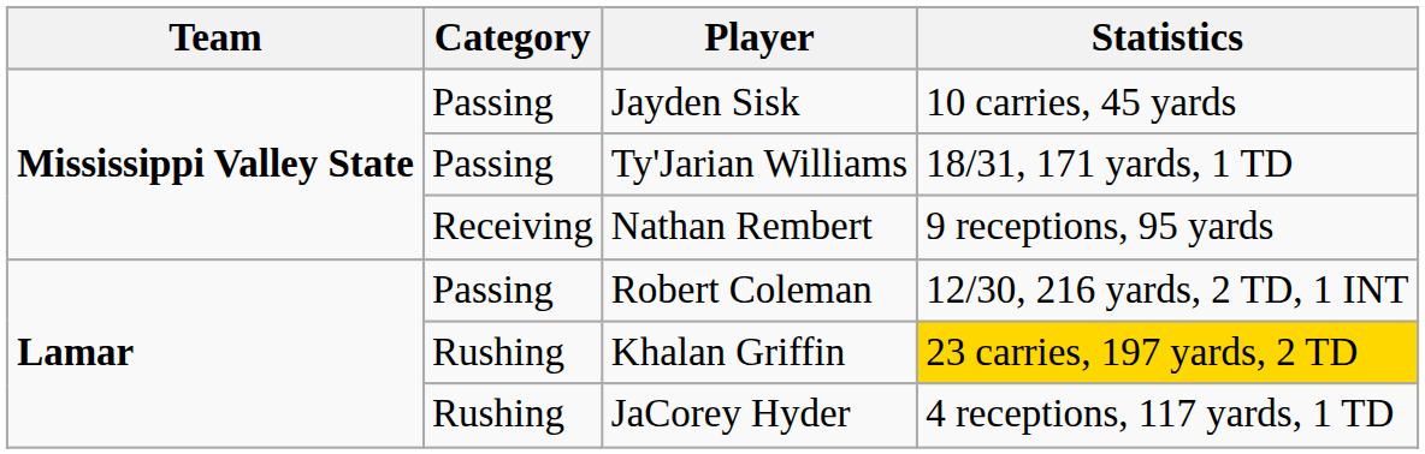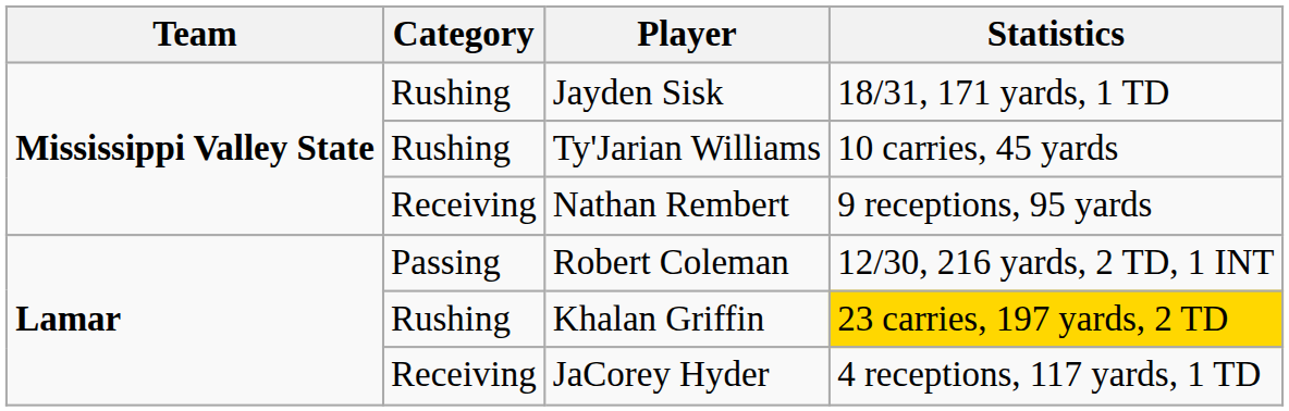 <table class="wikitable" style="float: right;">
 <tr>
 <th>Team</th>
 <th>Category</th>
 <th>Player</th>
 <th>Statistics</th>
 </tr>
 <tr>
 <td rowspan=3><strong>Mississippi Valley State</strong></td>
-<td>Passing</td>
+<td>Rushing</td>
 <td>Jayden Sisk</td>
-<td>10 carries, 45 yards</td>
+<td>18/31, 171 yards, 1 TD</td>
 </tr>
 <tr>
-<td>Passing</td>
+<td>Rushing</td>
 <td>Ty'Jarian Williams</td>
-<td>18/31, 171 yards, 1 TD</td>
+<td>10 carries, 45 yards</td>
 </tr>
 <tr>
 <td>Receiving</td>
 <td>Nathan Rembert</td>
 <td>9 receptions, 95 yards</td>
 </tr>
 <tr>
 <td rowspan=3><strong>Lamar</strong></td>
 <td>Passing</td>
 <td>Robert Coleman</td>
 <td>12/30, 216 yards, 2 TD, 1 INT</td>
 </tr>
 <tr>
 <td>Rushing</td>
 <td>Khalan Griffin</td>
 <td style="background: gold;">23 carries, 197 yards, 2 TD</td>
 </tr>
 <tr>
-<td>Rushing</td>
+<td>Receiving</td>
 <td>JaCorey Hyder</td>
 <td>4 receptions, 117 yards, 1 TD</td>
 </tr>
 </table>
